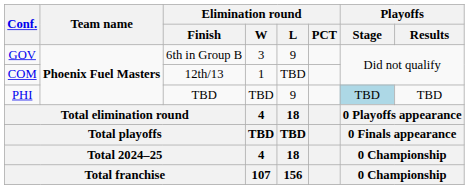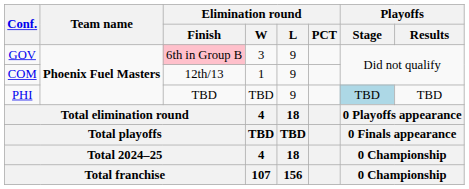 <table class=wikitable style="text-align:center;">
 <tr>
 <th rowspan=2><a href='#'>Conf.</a></th>
 <th rowspan=2>Team name</th>
 <th colspan=4>Elimination round</th>
 <th colspan=2>Playoffs</th>
 </tr>
 <tr>
 <th>Finish</th>
 <th>W</th>
 <th>L</th>
 <th>PCT</th>
 <th>Stage</th>
 <th>Results</th>
 </tr>
 <tr>
 <td><a href='#'>GOV</a></td>
 <td rowspan=3><strong>Phoenix Fuel Masters</strong></td>
-<td>6th in Group B</td>
+<td style="background: pink;">6th in Group B</td>
 <td>3</td>
 <td>9</td>
 <td></td>
 <td rowspan=2 colspan=2>Did not qualify</td>
 </tr>
 <tr>
 <td><a href='#'>COM</a></td>
 <td>12th/13</td>
 <td>1</td>
-<td>TBD</td>
+<td>9</td>
 <td></td>
 </tr>
 <tr>
 <td><a href='#'>PHI</a></td>
 <td>TBD</td>
 <td>TBD</td>
 <td>9</td>
 <td></td>
 <td style="background: lightblue;">TBD</td>
 <td>TBD</td>
 </tr>
 <tr>
 <th colspan=3>Total elimination round</th>
 <th>4</th>
 <th>18</th>
 <th></th>
 <th colspan=2>0 Playoffs appearance</th>
 </tr>
 <tr>
 <th colspan=3>Total playoffs</th>
 <th>TBD</th>
 <th>TBD</th>
 <th></th>
 <th colspan=2>0 Finals appearance</th>
 </tr>
 <tr>
 <th colspan=3>Total 2024–25</th>
 <th>4</th>
 <th>18</th>
 <th></th>
 <th colspan=2>0 Championship</th>
 </tr>
 <tr>
 <th colspan=3>Total franchise</th>
 <th>107</th>
 <th>156</th>
 <th></th>
 <th colspan=2>0 Championship</th>
 </tr>
 </table>
